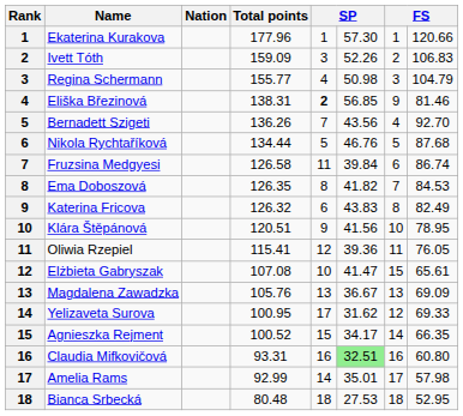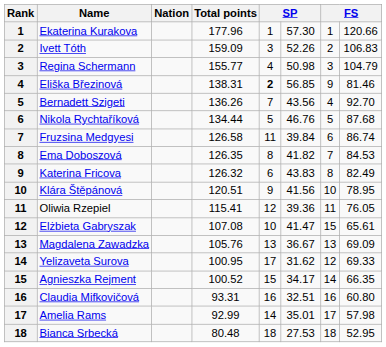 <table class="wikitable sortable">
 <tr>
 <th>Rank</th>
 <th>Name</th>
 <th>Nation</th>
 <th>Total points</th>
 <th colspan="2" width="80px"><a href='#'>SP</a></th>
 <th colspan="2" width="80px"><a href='#'>FS</a></th>
 </tr>
 <tr>
 <th>1</th>
 <td><a href='#'>Ekaterina Kurakova</a></td>
 <td></td>
 <td align="center">177.96</td>
 <td align="center">1</td>
 <td align="center">57.30</td>
 <td align="center">1</td>
 <td align="center">120.66</td>
 </tr>
 <tr>
 <th>2</th>
 <td><a href='#'>Ivett Tóth</a></td>
 <td></td>
 <td align="center">159.09</td>
 <td align="center">3</td>
 <td align="center">52.26</td>
 <td align="center">2</td>
 <td align="center">106.83</td>
 </tr>
 <tr>
 <th>3</th>
 <td><a href='#'>Regina Schermann</a></td>
 <td></td>
 <td align="center">155.77</td>
 <td align="center">4</td>
 <td align="center">50.98</td>
 <td align="center">3</td>
 <td align="center">104.79</td>
 </tr>
 <tr>
 <th>4</th>
 <td><a href='#'>Eliška Březinová</a></td>
 <td></td>
 <td align="center">138.31</td>
 <td align="center"><strong>2</strong></td>
 <td align="center">56.85</td>
 <td align="center">9</td>
 <td align="center">81.46</td>
 </tr>
 <tr>
 <th>5</th>
 <td><a href='#'>Bernadett Szigeti</a></td>
 <td></td>
 <td align="center">136.26</td>
 <td align="center">7</td>
 <td align="center">43.56</td>
 <td align="center">4</td>
 <td align="center">92.70</td>
 </tr>
 <tr>
 <th>6</th>
 <td><a href='#'>Nikola Rychtaříková</a></td>
 <td></td>
 <td align="center">134.44</td>
 <td align="center">5</td>
 <td align="center">46.76</td>
 <td align="center">5</td>
 <td align="center">87.68</td>
 </tr>
 <tr>
 <th>7</th>
 <td><a href='#'>Fruzsina Medgyesi</a></td>
 <td></td>
 <td align="center">126.58</td>
 <td align="center">11</td>
 <td align="center">39.84</td>
 <td align="center">6</td>
 <td align="center">86.74</td>
 </tr>
 <tr>
 <th>8</th>
 <td><a href='#'>Ema Doboszová</a></td>
 <td></td>
 <td align="center">126.35</td>
 <td align="center">8</td>
 <td align="center">41.82</td>
 <td align="center">7</td>
 <td align="center">84.53</td>
 </tr>
 <tr>
 <th>9</th>
 <td><a href='#'>Katerina Fricova</a></td>
 <td></td>
 <td align="center">126.32</td>
 <td align="center">6</td>
 <td align="center">43.83</td>
 <td align="center">8</td>
 <td align="center">82.49</td>
 </tr>
 <tr>
 <th>10</th>
 <td><a href='#'>Klára Štěpánová</a></td>
 <td></td>
 <td align="center">120.51</td>
 <td align="center">9</td>
 <td align="center">41.56</td>
 <td align="center">10</td>
 <td align="center">78.95</td>
 </tr>
 <tr>
 <th>11</th>
 <td>Oliwia Rzepiel</td>
 <td></td>
 <td align="center">115.41</td>
 <td align="center">12</td>
 <td align="center">39.36</td>
 <td align="center">11</td>
 <td align="center">76.05</td>
 </tr>
 <tr>
 <th>12</th>
 <td><a href='#'>Elżbieta Gabryszak</a></td>
 <td></td>
 <td align="center">107.08</td>
 <td align="center">10</td>
 <td align="center">41.47</td>
 <td align="center">15</td>
 <td align="center">65.61</td>
 </tr>
 <tr>
 <th>13</th>
 <td><a href='#'>Magdalena Zawadzka</a></td>
 <td></td>
 <td align="center">105.76</td>
 <td align="center">13</td>
 <td align="center">36.67</td>
 <td align="center">13</td>
 <td align="center">69.09</td>
 </tr>
 <tr>
 <th>14</th>
 <td><a href='#'>Yelizaveta Surova</a></td>
 <td></td>
 <td align="center">100.95</td>
 <td align="center">17</td>
 <td align="center">31.62</td>
 <td align="center">12</td>
 <td align="center">69.33</td>
 </tr>
 <tr>
 <th>15</th>
 <td><a href='#'>Agnieszka Rejment</a></td>
 <td></td>
 <td align="center">100.52</td>
 <td align="center">15</td>
 <td align="center">34.17</td>
 <td align="center">14</td>
 <td align="center">66.35</td>
 </tr>
 <tr>
 <th>16</th>
 <td><a href='#'>Claudia Mifkovičová</a></td>
 <td></td>
 <td align="center">93.31</td>
 <td align="center">16</td>
-<td align="center" style="background: lightgreen;">32.51</td>
+<td align="center">32.51</td>
 <td align="center">16</td>
 <td align="center">60.80</td>
 </tr>
 <tr>
 <th>17</th>
 <td><a href='#'>Amelia Rams</a></td>
 <td></td>
 <td align="center">92.99</td>
 <td align="center">14</td>
 <td align="center">35.01</td>
 <td align="center">17</td>
 <td align="center">57.98</td>
 </tr>
 <tr>
 <th>18</th>
 <td><a href='#'>Bianca Srbecká</a></td>
 <td></td>
 <td align="center">80.48</td>
 <td align="center">18</td>
 <td align="center">27.53</td>
 <td align="center">18</td>
 <td align="center">52.95</td>
 </tr>
 </table>
